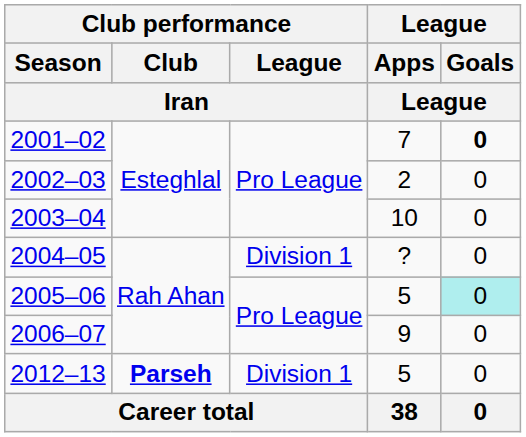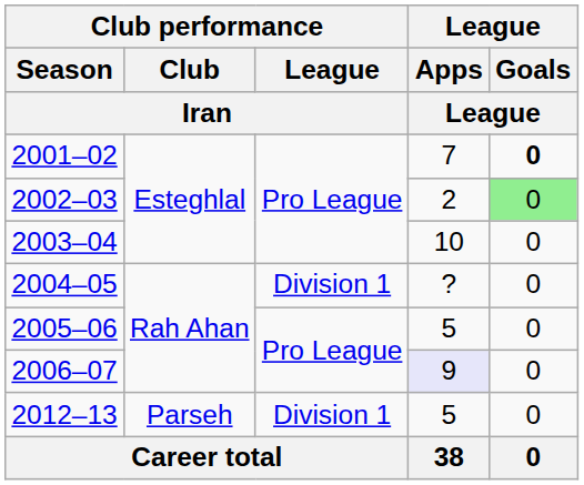 <table class="wikitable" style="text-align:center;">
 <tr>
 <th colspan=3>Club performance</th>
 <th colspan=2>League</th>
 </tr>
 <tr>
 <th>Season</th>
 <th>Club</th>
 <th>League</th>
 <th>Apps</th>
 <th>Goals</th>
 </tr>
 <tr>
 <th colspan=3>Iran</th>
 <th colspan=2>League</th>
 </tr>
 <tr>
 <td><a href='#'>2001–02</a></td>
 <td rowspan="3"><a href='#'>Esteghlal</a></td>
 <td rowspan="3"><a href='#'>Pro League</a></td>
 <td>7</td>
 <td><strong>0</strong></td>
 </tr>
 <tr>
 <td><a href='#'>2002–03</a></td>
 <td>2</td>
-<td>0</td>
+<td style="background: lightgreen;">0</td>
 </tr>
 <tr>
 <td><a href='#'>2003–04</a></td>
 <td>10</td>
 <td>0</td>
 </tr>
 <tr>
 <td><a href='#'>2004–05</a></td>
 <td rowspan="3"><a href='#'>Rah Ahan</a></td>
 <td rowspan="1"><a href='#'>Division 1</a></td>
 <td>?</td>
 <td>0</td>
 </tr>
 <tr>
 <td><a href='#'>2005–06</a></td>
 <td rowspan="2"><a href='#'>Pro League</a></td>
 <td>5</td>
-<td style="background: paleturquoise;">0</td>
+<td>0</td>
 </tr>
 <tr>
 <td><a href='#'>2006–07</a></td>
-<td>9</td>
+<td style="background: lavender;">9</td>
 <td>0</td>
 </tr>
 <tr>
 <td><a href='#'>2012–13</a></td>
-<td rowspan="1"><strong><a href='#'>Parseh</a></strong></td>
+<td rowspan="1"><a href='#'>Parseh</a></td>
 <td rowspan="1"><a href='#'>Division 1</a></td>
 <td>5</td>
 <td>0</td>
 </tr>
 <tr>
 <th colspan=3>Career total</th>
 <th>38</th>
 <th>0</th>
 </tr>
 </table>
